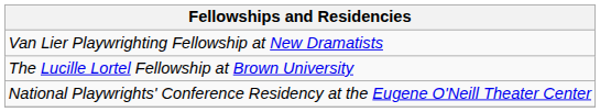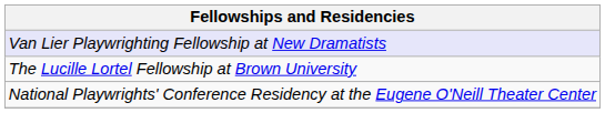 <table class="wikitable sortable">
 <tr>
 <th>Fellowships and Residencies</th>
 </tr>
 <tr>
-<td><em>Van Lier Playwrighting Fellowship at <a href='#'>New Dramatists</a></em></td>
+<td style="background: lavender;"><em>Van Lier Playwrighting Fellowship at <a href='#'>New Dramatists</a></em></td>
 </tr>
 <tr>
 <td><em>The <a href='#'>Lucille Lortel</a> Fellowship at <a href='#'>Brown University</a></em></td>
 </tr>
 <tr>
 <td><em>National Playwrights' Conference Residency at the <a href='#'>Eugene O'Neill Theater Center</a></em></td>
 </tr>
 <tr>
 </tr>
 </table>
